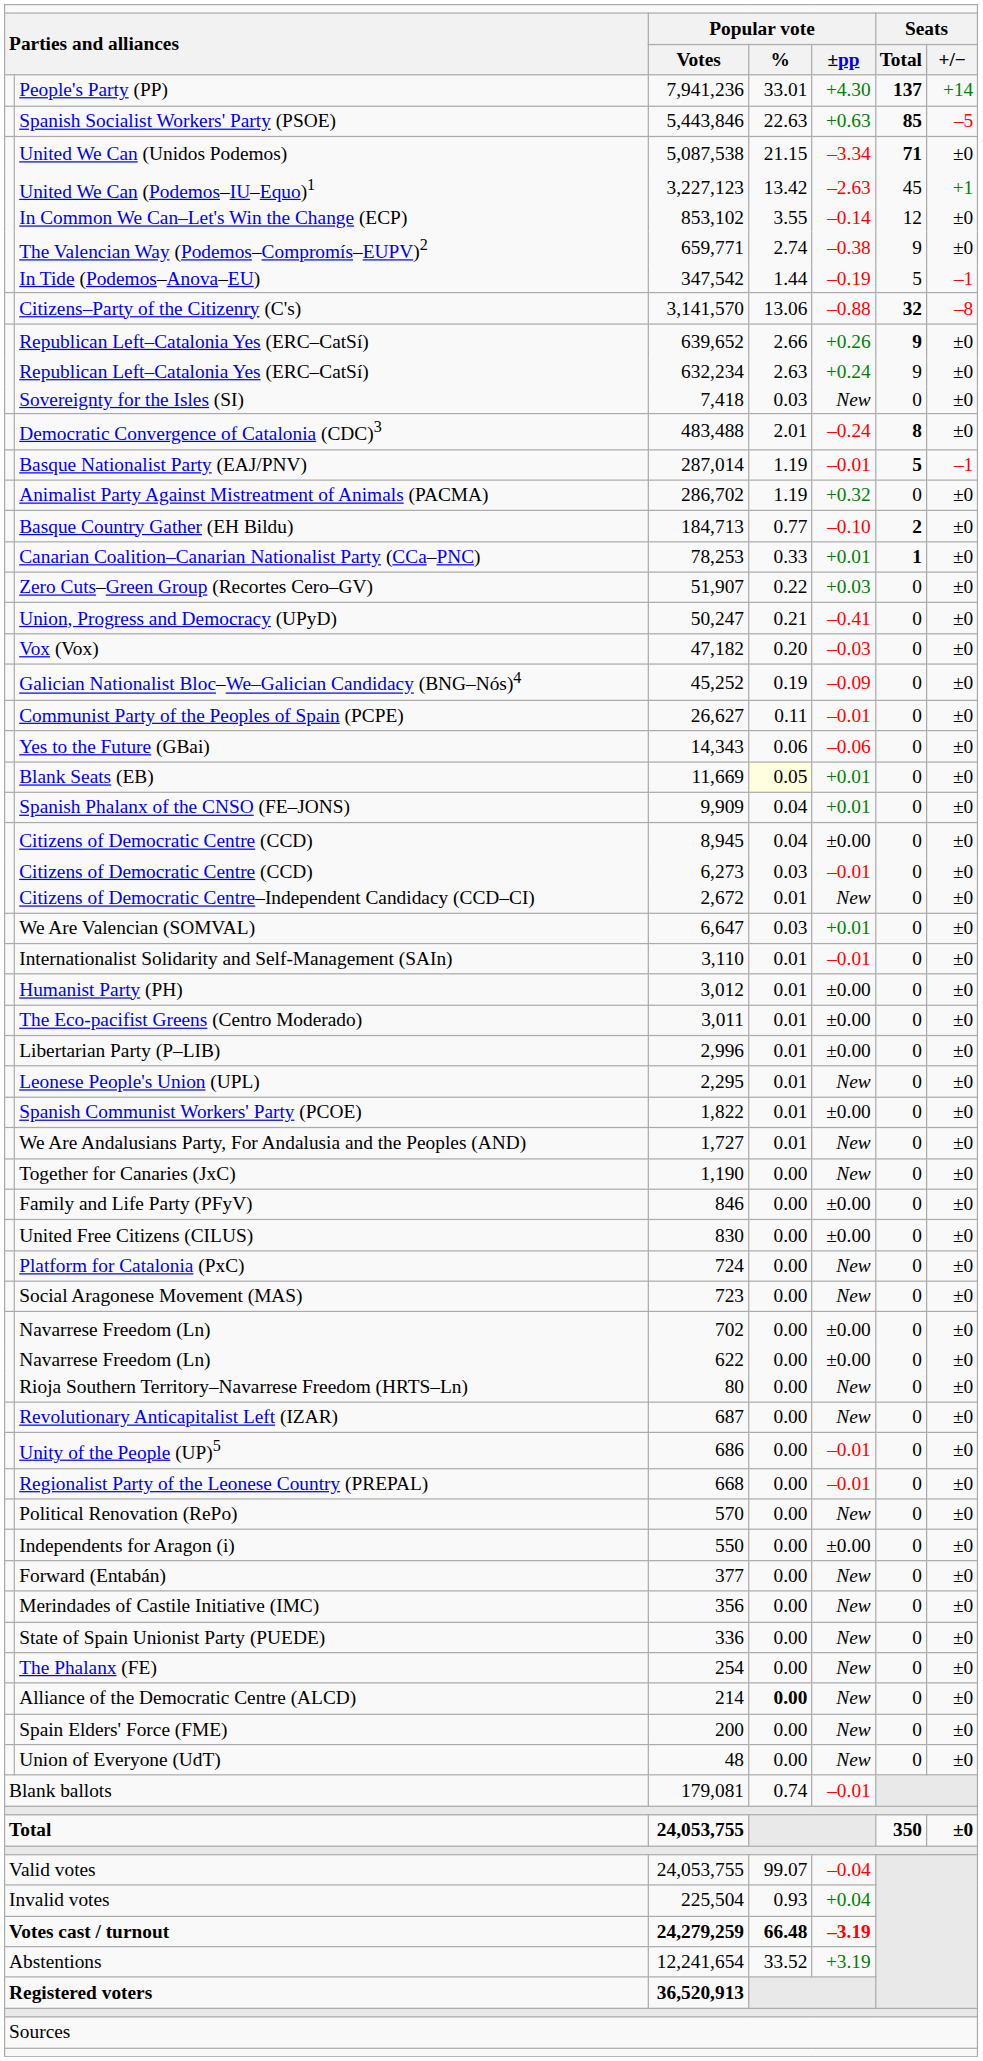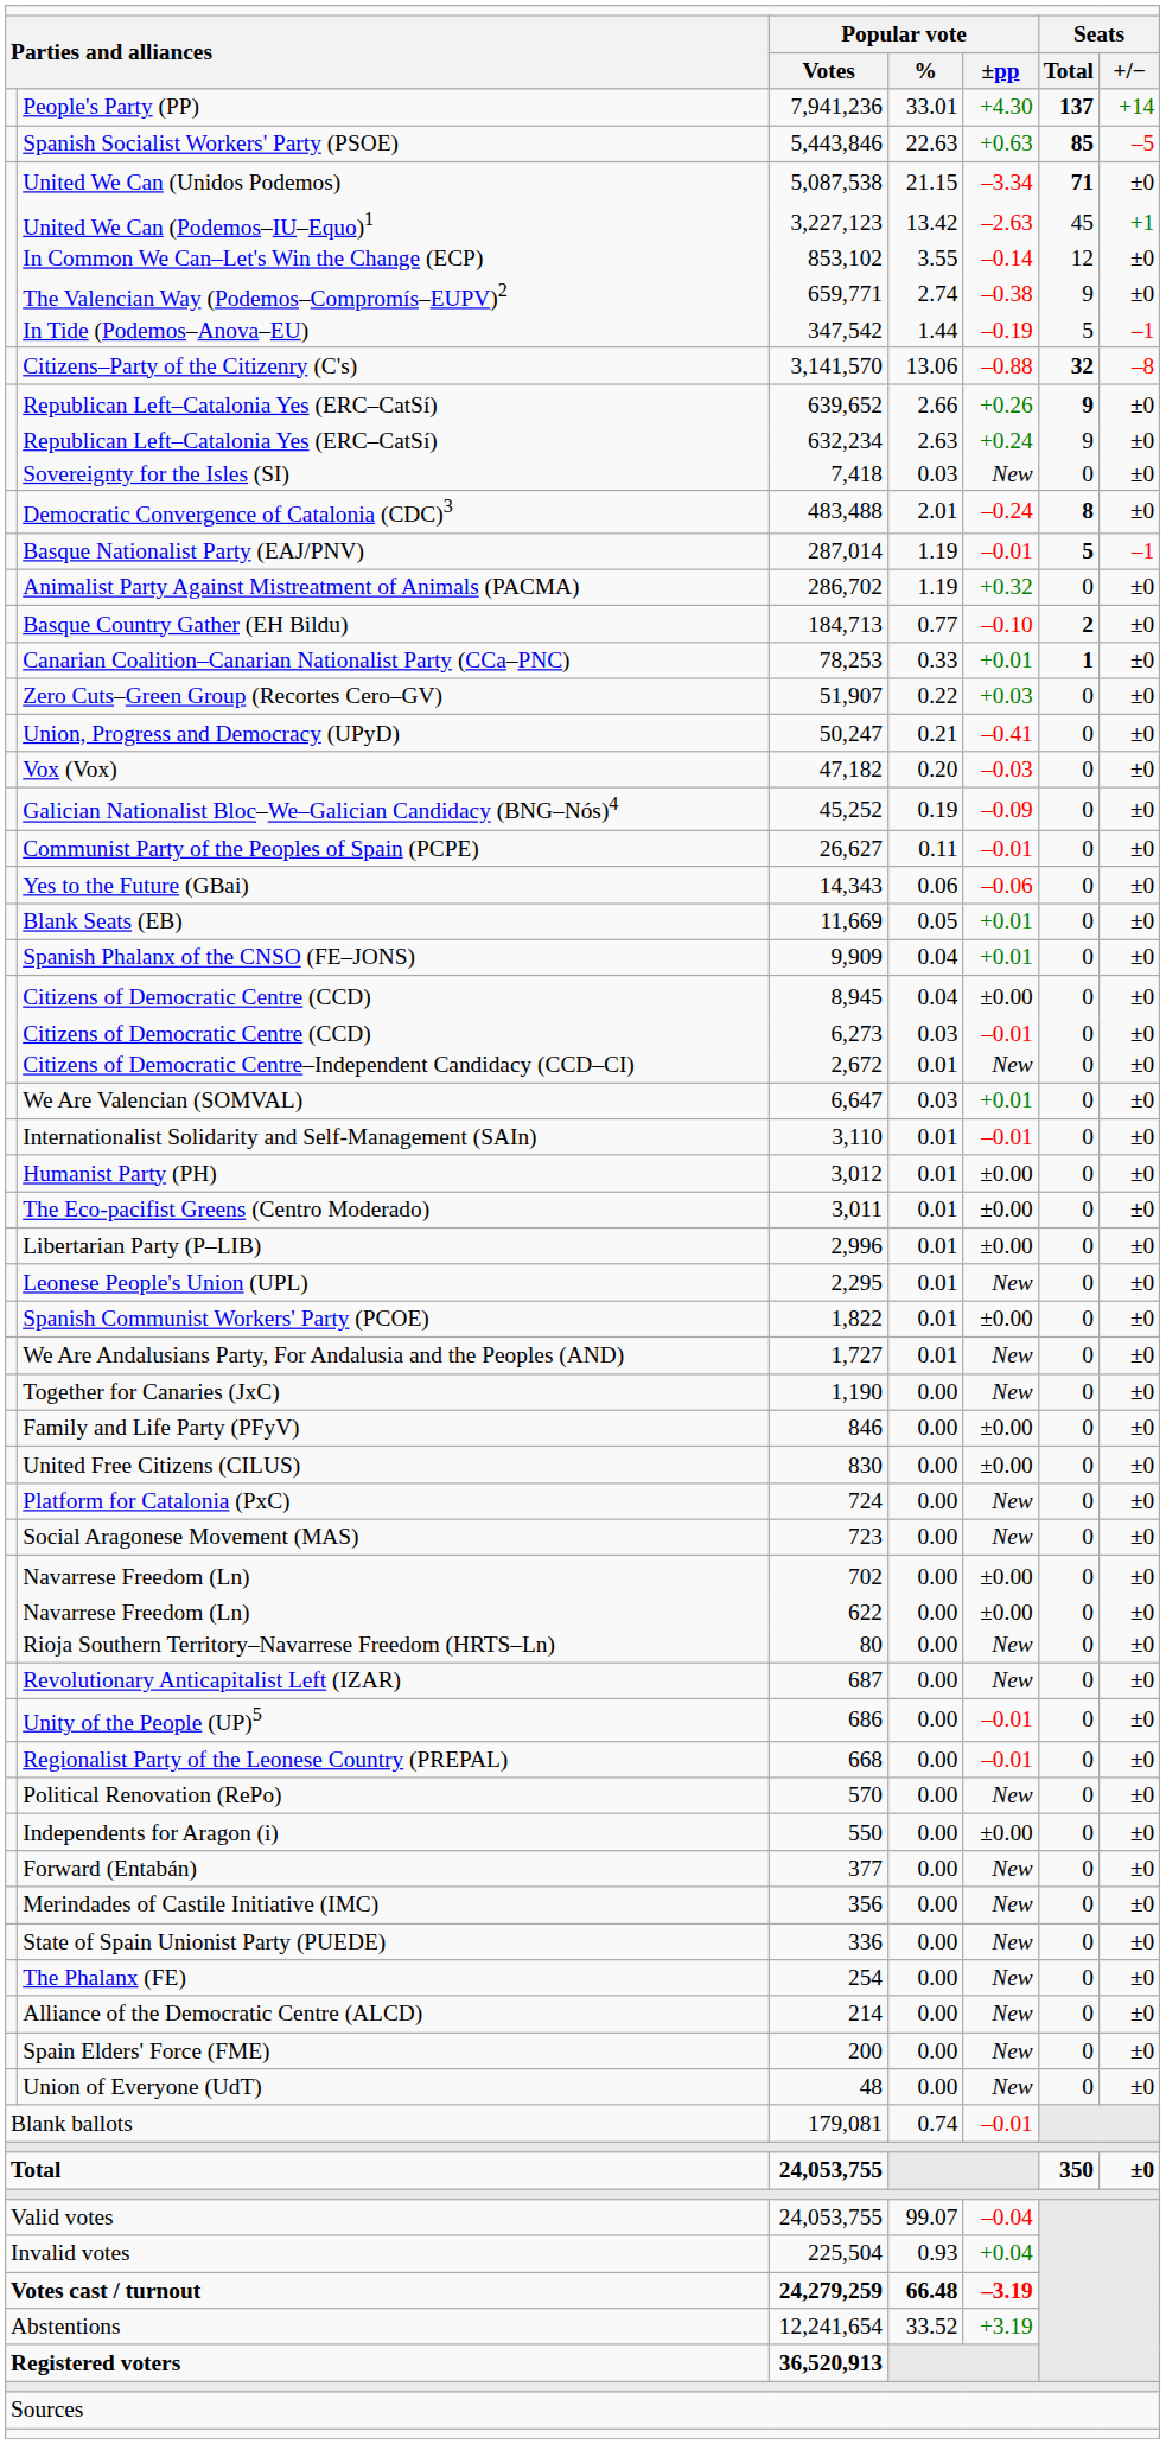 <table class="wikitable" style="text-align:right;">
 <tr>
 <td colspan="7"></td>
 </tr>
 <tr>
 <th style="text-align:left;" rowspan="2" colspan="2" width="525">Parties and alliances</th>
 <th colspan="3">Popular vote</th>
 <th colspan="2">Seats</th>
 </tr>
 <tr>
 <th width="75">Votes</th>
 <th width="45">%</th>
 <th width="45">±<a href='#'>pp</a></th>
 <th width="35">Total</th>
 <th width="35">+/−</th>
 </tr>
 <tr>
 <td width="1" style="color:inherit;background:"></td>
 <td align="left"><a href='#'>People's Party</a> (PP)</td>
 <td>7,941,236</td>
 <td>33.01</td>
 <td style="color:green;">+4.30</td>
 <td><strong>137</strong></td>
 <td style="color:green;">+14</td>
 </tr>
 <tr>
 <td style="color:inherit;background:"></td>
 <td align="left"><a href='#'>Spanish Socialist Workers' Party</a> (PSOE)</td>
 <td>5,443,846</td>
 <td>22.63</td>
 <td style="color:green;">+0.63</td>
 <td><strong>85</strong></td>
 <td style="color:red;">–5</td>
 </tr>
 <tr style="line-height:22px;">
 <td rowspan="5" style="color:inherit;background:"></td>
 <td align="left"><a href='#'>United We Can</a> (Unidos Podemos)</td>
 <td>5,087,538</td>
 <td>21.15</td>
 <td style="color:red;">–3.34</td>
 <td><strong>71</strong></td>
 <td>±0</td>
 </tr>
 <tr style="border-bottom-style:hidden; border-top-style:hidden; line-height:16px;">
 <td align="left"><span><a href='#'>United We Can</a> (<a href='#'>Podemos</a>–<a href='#'>IU</a>–<a href='#'>Equo</a>)<sup>1</sup></span></td>
 <td>3,227,123</td>
 <td>13.42</td>
 <td style="color:red;">–2.63</td>
 <td>45</td>
 <td style="color:green;">+1</td>
 </tr>
 <tr style="border-bottom-style:hidden; line-height:16px;">
 <td align="left"><span><a href='#'>In Common We Can–Let's Win the Change</a> (ECP)</span></td>
 <td>853,102</td>
 <td>3.55</td>
 <td style="color:red;">–0.14</td>
 <td>12</td>
 <td>±0</td>
 </tr>
 <tr style="border-bottom-style:hidden; line-height:16px;">
 <td align="left"><span><a href='#'>The Valencian Way</a> (<a href='#'>Podemos</a>–<a href='#'>Compromís</a>–<a href='#'>EUPV</a>)<sup>2</sup></span></td>
 <td>659,771</td>
 <td>2.74</td>
 <td style="color:red;">–0.38</td>
 <td>9</td>
 <td>±0</td>
 </tr>
 <tr style="line-height:16px;">
 <td align="left"><span><a href='#'>In Tide</a> (<a href='#'>Podemos</a>–<a href='#'>Anova</a>–<a href='#'>EU</a>)</span></td>
 <td>347,542</td>
 <td>1.44</td>
 <td style="color:red;">–0.19</td>
 <td>5</td>
 <td style="color:red;">–1</td>
 </tr>
 <tr>
 <td style="color:inherit;background:"></td>
 <td align="left"><a href='#'>Citizens–Party of the Citizenry</a> (C's)</td>
 <td>3,141,570</td>
 <td>13.06</td>
 <td style="color:red;">–0.88</td>
 <td><strong>32</strong></td>
 <td style="color:red;">–8</td>
 </tr>
 <tr style="line-height:22px;">
 <td rowspan="3" style="color:inherit;background:"></td>
 <td align="left"><a href='#'>Republican Left–Catalonia Yes</a> (ERC–CatSí)</td>
 <td>639,652</td>
 <td>2.66</td>
 <td style="color:green;">+0.26</td>
 <td><strong>9</strong></td>
 <td>±0</td>
 </tr>
 <tr style="border-bottom-style:hidden; border-top-style:hidden; line-height:16px;">
 <td align="left"><span><a href='#'>Republican Left–Catalonia Yes</a> (ERC–CatSí)</span></td>
 <td>632,234</td>
 <td>2.63</td>
 <td style="color:green;">+0.24</td>
 <td>9</td>
 <td>±0</td>
 </tr>
 <tr style="line-height:16px;">
 <td align="left"><span><a href='#'>Sovereignty for the Isles</a> (SI)</span></td>
 <td>7,418</td>
 <td>0.03</td>
 <td><em>New</em></td>
 <td>0</td>
 <td>±0</td>
 </tr>
 <tr>
 <td style="color:inherit;background:"></td>
 <td align="left"><a href='#'>Democratic Convergence of Catalonia</a> (CDC)<sup>3</sup></td>
 <td>483,488</td>
 <td>2.01</td>
 <td style="color:red;">–0.24</td>
 <td><strong>8</strong></td>
 <td>±0</td>
 </tr>
 <tr>
 <td style="color:inherit;background:"></td>
 <td align="left"><a href='#'>Basque Nationalist Party</a> (EAJ/PNV)</td>
 <td>287,014</td>
 <td>1.19</td>
 <td style="color:red;">–0.01</td>
 <td><strong>5</strong></td>
 <td style="color:red;">–1</td>
 </tr>
 <tr>
 <td style="color:inherit;background:"></td>
 <td align="left"><a href='#'>Animalist Party Against Mistreatment of Animals</a> (PACMA)</td>
 <td>286,702</td>
 <td>1.19</td>
 <td style="color:green;">+0.32</td>
 <td>0</td>
 <td>±0</td>
 </tr>
 <tr>
 <td style="color:inherit;background:"></td>
 <td align="left"><a href='#'>Basque Country Gather</a> (EH Bildu)</td>
 <td>184,713</td>
 <td>0.77</td>
 <td style="color:red;">–0.10</td>
 <td><strong>2</strong></td>
 <td>±0</td>
 </tr>
 <tr>
 <td style="color:inherit;background:"></td>
 <td align="left"><a href='#'>Canarian Coalition–Canarian Nationalist Party</a> (<a href='#'>CCa</a>–<a href='#'>PNC</a>)</td>
 <td>78,253</td>
 <td>0.33</td>
 <td style="color:green;">+0.01</td>
 <td><strong>1</strong></td>
 <td>±0</td>
 </tr>
 <tr>
 <td style="color:inherit;background:"></td>
 <td align="left"><a href='#'>Zero Cuts</a>–<a href='#'>Green Group</a> (Recortes Cero–GV)</td>
 <td>51,907</td>
 <td>0.22</td>
 <td style="color:green;">+0.03</td>
 <td>0</td>
 <td>±0</td>
 </tr>
 <tr>
 <td style="color:inherit;background:"></td>
 <td align="left"><a href='#'>Union, Progress and Democracy</a> (UPyD)</td>
 <td>50,247</td>
 <td>0.21</td>
 <td style="color:red;">–0.41</td>
 <td>0</td>
 <td>±0</td>
 </tr>
 <tr>
 <td style="color:inherit;background:"></td>
 <td align="left"><a href='#'>Vox</a> (Vox)</td>
 <td>47,182</td>
 <td>0.20</td>
 <td style="color:red;">–0.03</td>
 <td>0</td>
 <td>±0</td>
 </tr>
 <tr>
 <td style="color:inherit;background:"></td>
 <td align="left"><a href='#'>Galician Nationalist Bloc</a>–<a href='#'>We–Galician Candidacy</a> (BNG–Nós)<sup>4</sup></td>
 <td>45,252</td>
 <td>0.19</td>
 <td style="color:red;">–0.09</td>
 <td>0</td>
 <td>±0</td>
 </tr>
 <tr>
 <td style="color:inherit;background:"></td>
 <td align="left"><a href='#'>Communist Party of the Peoples of Spain</a> (PCPE)</td>
 <td>26,627</td>
 <td>0.11</td>
 <td style="color:red;">–0.01</td>
 <td>0</td>
 <td>±0</td>
 </tr>
 <tr>
 <td style="color:inherit;background:"></td>
 <td align="left"><a href='#'>Yes to the Future</a> (GBai)</td>
 <td>14,343</td>
 <td>0.06</td>
 <td style="color:red;">–0.06</td>
 <td>0</td>
 <td>±0</td>
 </tr>
 <tr>
 <td style="color:inherit;background:"></td>
 <td align="left"><a href='#'>Blank Seats</a> (EB)</td>
 <td>11,669</td>
-<td style="background: lightyellow;">0.05</td>
+<td>0.05</td>
 <td style="color:green;">+0.01</td>
 <td>0</td>
 <td>±0</td>
 </tr>
 <tr>
 <td style="color:inherit;background:"></td>
 <td align="left"><a href='#'>Spanish Phalanx of the CNSO</a> (FE–JONS)</td>
 <td>9,909</td>
 <td>0.04</td>
 <td style="color:green;">+0.01</td>
 <td>0</td>
 <td>±0</td>
 </tr>
 <tr style="line-height:22px;">
 <td rowspan="3" style="color:inherit;background:"></td>
 <td align="left"><a href='#'>Citizens of Democratic Centre</a> (CCD)</td>
 <td>8,945</td>
 <td>0.04</td>
 <td>±0.00</td>
 <td>0</td>
 <td>±0</td>
 </tr>
 <tr style="border-bottom-style:hidden; border-top-style:hidden; line-height:16px;">
 <td align="left"><span><a href='#'>Citizens of Democratic Centre</a> (CCD)</span></td>
 <td>6,273</td>
 <td>0.03</td>
 <td style="color:red;">–0.01</td>
 <td>0</td>
 <td>±0</td>
 </tr>
 <tr style="line-height:16px;">
 <td align="left"><span><a href='#'>Citizens of Democratic Centre</a>–Independent Candidacy (CCD–CI)</span></td>
 <td>2,672</td>
 <td>0.01</td>
 <td><em>New</em></td>
 <td>0</td>
 <td>±0</td>
 </tr>
 <tr>
 <td style="color:inherit;background:"></td>
 <td align="left">We Are Valencian (SOMVAL)</td>
 <td>6,647</td>
 <td>0.03</td>
 <td style="color:green;">+0.01</td>
 <td>0</td>
 <td>±0</td>
 </tr>
 <tr>
 <td style="color:inherit;background:"></td>
 <td align="left">Internationalist Solidarity and Self-Management (SAIn)</td>
 <td>3,110</td>
 <td>0.01</td>
 <td style="color:red;">–0.01</td>
 <td>0</td>
 <td>±0</td>
 </tr>
 <tr>
 <td style="color:inherit;background:"></td>
 <td align="left"><a href='#'>Humanist Party</a> (PH)</td>
 <td>3,012</td>
 <td>0.01</td>
 <td>±0.00</td>
 <td>0</td>
 <td>±0</td>
 </tr>
 <tr>
 <td style="color:inherit;background:"></td>
 <td align="left"><a href='#'>The Eco-pacifist Greens</a> (Centro Moderado)</td>
 <td>3,011</td>
 <td>0.01</td>
 <td>±0.00</td>
 <td>0</td>
 <td>±0</td>
 </tr>
 <tr>
 <td style="color:inherit;background:"></td>
 <td align="left">Libertarian Party (P–LIB)</td>
 <td>2,996</td>
 <td>0.01</td>
 <td>±0.00</td>
 <td>0</td>
 <td>±0</td>
 </tr>
 <tr>
 <td style="color:inherit;background:"></td>
 <td align="left"><a href='#'>Leonese People's Union</a> (UPL)</td>
 <td>2,295</td>
 <td>0.01</td>
 <td><em>New</em></td>
 <td>0</td>
 <td>±0</td>
 </tr>
 <tr>
 <td style="color:inherit;background:"></td>
 <td align="left"><a href='#'>Spanish Communist Workers' Party</a> (PCOE)</td>
 <td>1,822</td>
 <td>0.01</td>
 <td>±0.00</td>
 <td>0</td>
 <td>±0</td>
 </tr>
 <tr>
 <td style="color:inherit;background:"></td>
 <td align="left">We Are Andalusians Party, For Andalusia and the Peoples (AND)</td>
 <td>1,727</td>
 <td>0.01</td>
 <td><em>New</em></td>
 <td>0</td>
 <td>±0</td>
 </tr>
 <tr>
 <td style="color:inherit;background:"></td>
 <td align="left">Together for Canaries (JxC)</td>
 <td>1,190</td>
 <td>0.00</td>
 <td><em>New</em></td>
 <td>0</td>
 <td>±0</td>
 </tr>
 <tr>
 <td style="color:inherit;background:"></td>
 <td align="left">Family and Life Party (PFyV)</td>
 <td>846</td>
 <td>0.00</td>
 <td>±0.00</td>
 <td>0</td>
 <td>±0</td>
 </tr>
 <tr>
 <td style="color:inherit;background:"></td>
 <td align="left">United Free Citizens (CILUS)</td>
 <td>830</td>
 <td>0.00</td>
 <td>±0.00</td>
 <td>0</td>
 <td>±0</td>
 </tr>
 <tr>
 <td style="color:inherit;background:"></td>
 <td align="left"><a href='#'>Platform for Catalonia</a> (PxC)</td>
 <td>724</td>
 <td>0.00</td>
 <td><em>New</em></td>
 <td>0</td>
 <td>±0</td>
 </tr>
 <tr>
 <td style="color:inherit;background:"></td>
 <td align="left">Social Aragonese Movement (MAS)</td>
 <td>723</td>
 <td>0.00</td>
 <td><em>New</em></td>
 <td>0</td>
 <td>±0</td>
 </tr>
 <tr style="line-height:22px;">
 <td rowspan="3" style="color:inherit;background:"></td>
 <td align="left">Navarrese Freedom (Ln)</td>
 <td>702</td>
 <td>0.00</td>
 <td>±0.00</td>
 <td>0</td>
 <td>±0</td>
 </tr>
 <tr style="border-bottom-style:hidden; border-top-style:hidden; line-height:16px;">
 <td align="left"><span>Navarrese Freedom (Ln)</span></td>
 <td>622</td>
 <td>0.00</td>
 <td>±0.00</td>
 <td>0</td>
 <td>±0</td>
 </tr>
 <tr style="line-height:16px;">
 <td align="left"><span>Rioja Southern Territory–Navarrese Freedom (HRTS–Ln)</span></td>
 <td>80</td>
 <td>0.00</td>
 <td><em>New</em></td>
 <td>0</td>
 <td>±0</td>
 </tr>
 <tr>
 <td style="color:inherit;background:"></td>
 <td align="left"><a href='#'>Revolutionary Anticapitalist Left</a> (IZAR)</td>
 <td>687</td>
 <td>0.00</td>
 <td><em>New</em></td>
 <td>0</td>
 <td>±0</td>
 </tr>
 <tr>
 <td style="color:inherit;background:"></td>
 <td align="left"><a href='#'>Unity of the People</a> (UP)<sup>5</sup></td>
 <td>686</td>
 <td>0.00</td>
 <td style="color:red;">–0.01</td>
 <td>0</td>
 <td>±0</td>
 </tr>
 <tr>
 <td style="color:inherit;background:"></td>
 <td align="left"><a href='#'>Regionalist Party of the Leonese Country</a> (PREPAL)</td>
 <td>668</td>
 <td>0.00</td>
 <td style="color:red;">–0.01</td>
 <td>0</td>
 <td>±0</td>
 </tr>
 <tr>
 <td style="color:inherit;background:"></td>
 <td align="left">Political Renovation (RePo)</td>
 <td>570</td>
 <td>0.00</td>
 <td><em>New</em></td>
 <td>0</td>
 <td>±0</td>
 </tr>
 <tr>
 <td style="color:inherit;background:"></td>
 <td align="left">Independents for Aragon (i)</td>
 <td>550</td>
 <td>0.00</td>
 <td>±0.00</td>
 <td>0</td>
 <td>±0</td>
 </tr>
 <tr>
 <td style="color:inherit;background:"></td>
 <td align="left">Forward (Entabán)</td>
 <td>377</td>
 <td>0.00</td>
 <td><em>New</em></td>
 <td>0</td>
 <td>±0</td>
 </tr>
 <tr>
 <td style="color:inherit;background:"></td>
 <td align="left">Merindades of Castile Initiative (IMC)</td>
 <td>356</td>
 <td>0.00</td>
 <td><em>New</em></td>
 <td>0</td>
 <td>±0</td>
 </tr>
 <tr>
 <td style="color:inherit;background:"></td>
 <td align="left">State of Spain Unionist Party (PUEDE)</td>
 <td>336</td>
 <td>0.00</td>
 <td><em>New</em></td>
 <td>0</td>
 <td>±0</td>
 </tr>
 <tr>
 <td style="color:inherit;background:"></td>
 <td align="left"><a href='#'>The Phalanx</a> (FE)</td>
 <td>254</td>
 <td>0.00</td>
 <td><em>New</em></td>
 <td>0</td>
 <td>±0</td>
 </tr>
 <tr>
 <td style="color:inherit;background:"></td>
 <td align="left">Alliance of the Democratic Centre (ALCD)</td>
 <td>214</td>
-<td><strong>0.00</strong></td>
+<td>0.00</td>
 <td><em>New</em></td>
 <td>0</td>
 <td>±0</td>
 </tr>
 <tr>
 <td style="color:inherit;background:"></td>
 <td align="left">Spain Elders' Force (FME)</td>
 <td>200</td>
 <td>0.00</td>
 <td><em>New</em></td>
 <td>0</td>
 <td>±0</td>
 </tr>
 <tr>
 <td style="color:inherit;background:"></td>
 <td align="left">Union of Everyone (UdT)</td>
 <td>48</td>
 <td>0.00</td>
 <td><em>New</em></td>
 <td>0</td>
 <td>±0</td>
 </tr>
 <tr>
 <td align="left" colspan="2">Blank ballots</td>
 <td>179,081</td>
 <td>0.74</td>
 <td style="color:red;">–0.01</td>
 <td bgcolor="#E9E9E9" colspan="2"></td>
 </tr>
 <tr>
 <td colspan="7" bgcolor="#E9E9E9"></td>
 </tr>
 <tr style="font-weight:bold;">
 <td align="left" colspan="2">Total</td>
 <td>24,053,755</td>
 <td bgcolor="#E9E9E9" colspan="2"></td>
 <td>350</td>
 <td>±0</td>
 </tr>
 <tr>
 <td colspan="7" bgcolor="#E9E9E9"></td>
 </tr>
 <tr>
 <td align="left" colspan="2">Valid votes</td>
 <td>24,053,755</td>
 <td>99.07</td>
 <td style="color:red;">–0.04</td>
 <td bgcolor="#E9E9E9" colspan="2" rowspan="5"></td>
 </tr>
 <tr>
 <td align="left" colspan="2">Invalid votes</td>
 <td>225,504</td>
 <td>0.93</td>
 <td style="color:green;">+0.04</td>
 </tr>
 <tr style="font-weight:bold;">
 <td align="left" colspan="2">Votes cast / turnout</td>
 <td>24,279,259</td>
 <td>66.48</td>
 <td style="color:red;">–3.19</td>
 </tr>
 <tr>
 <td align="left" colspan="2">Abstentions</td>
 <td>12,241,654</td>
 <td>33.52</td>
 <td style="color:green;">+3.19</td>
 </tr>
 <tr style="font-weight:bold;">
 <td align="left" colspan="2">Registered voters</td>
 <td>36,520,913</td>
 <td bgcolor="#E9E9E9" colspan="2"></td>
 </tr>
 <tr>
 <td colspan="7" bgcolor="#E9E9E9"></td>
 </tr>
 <tr>
 <td align="left" colspan="7">Sources</td>
 </tr>
 <tr>
 <td colspan="7" style="text-align:left; max-width:790px;"></td>
 </tr>
 </table>
